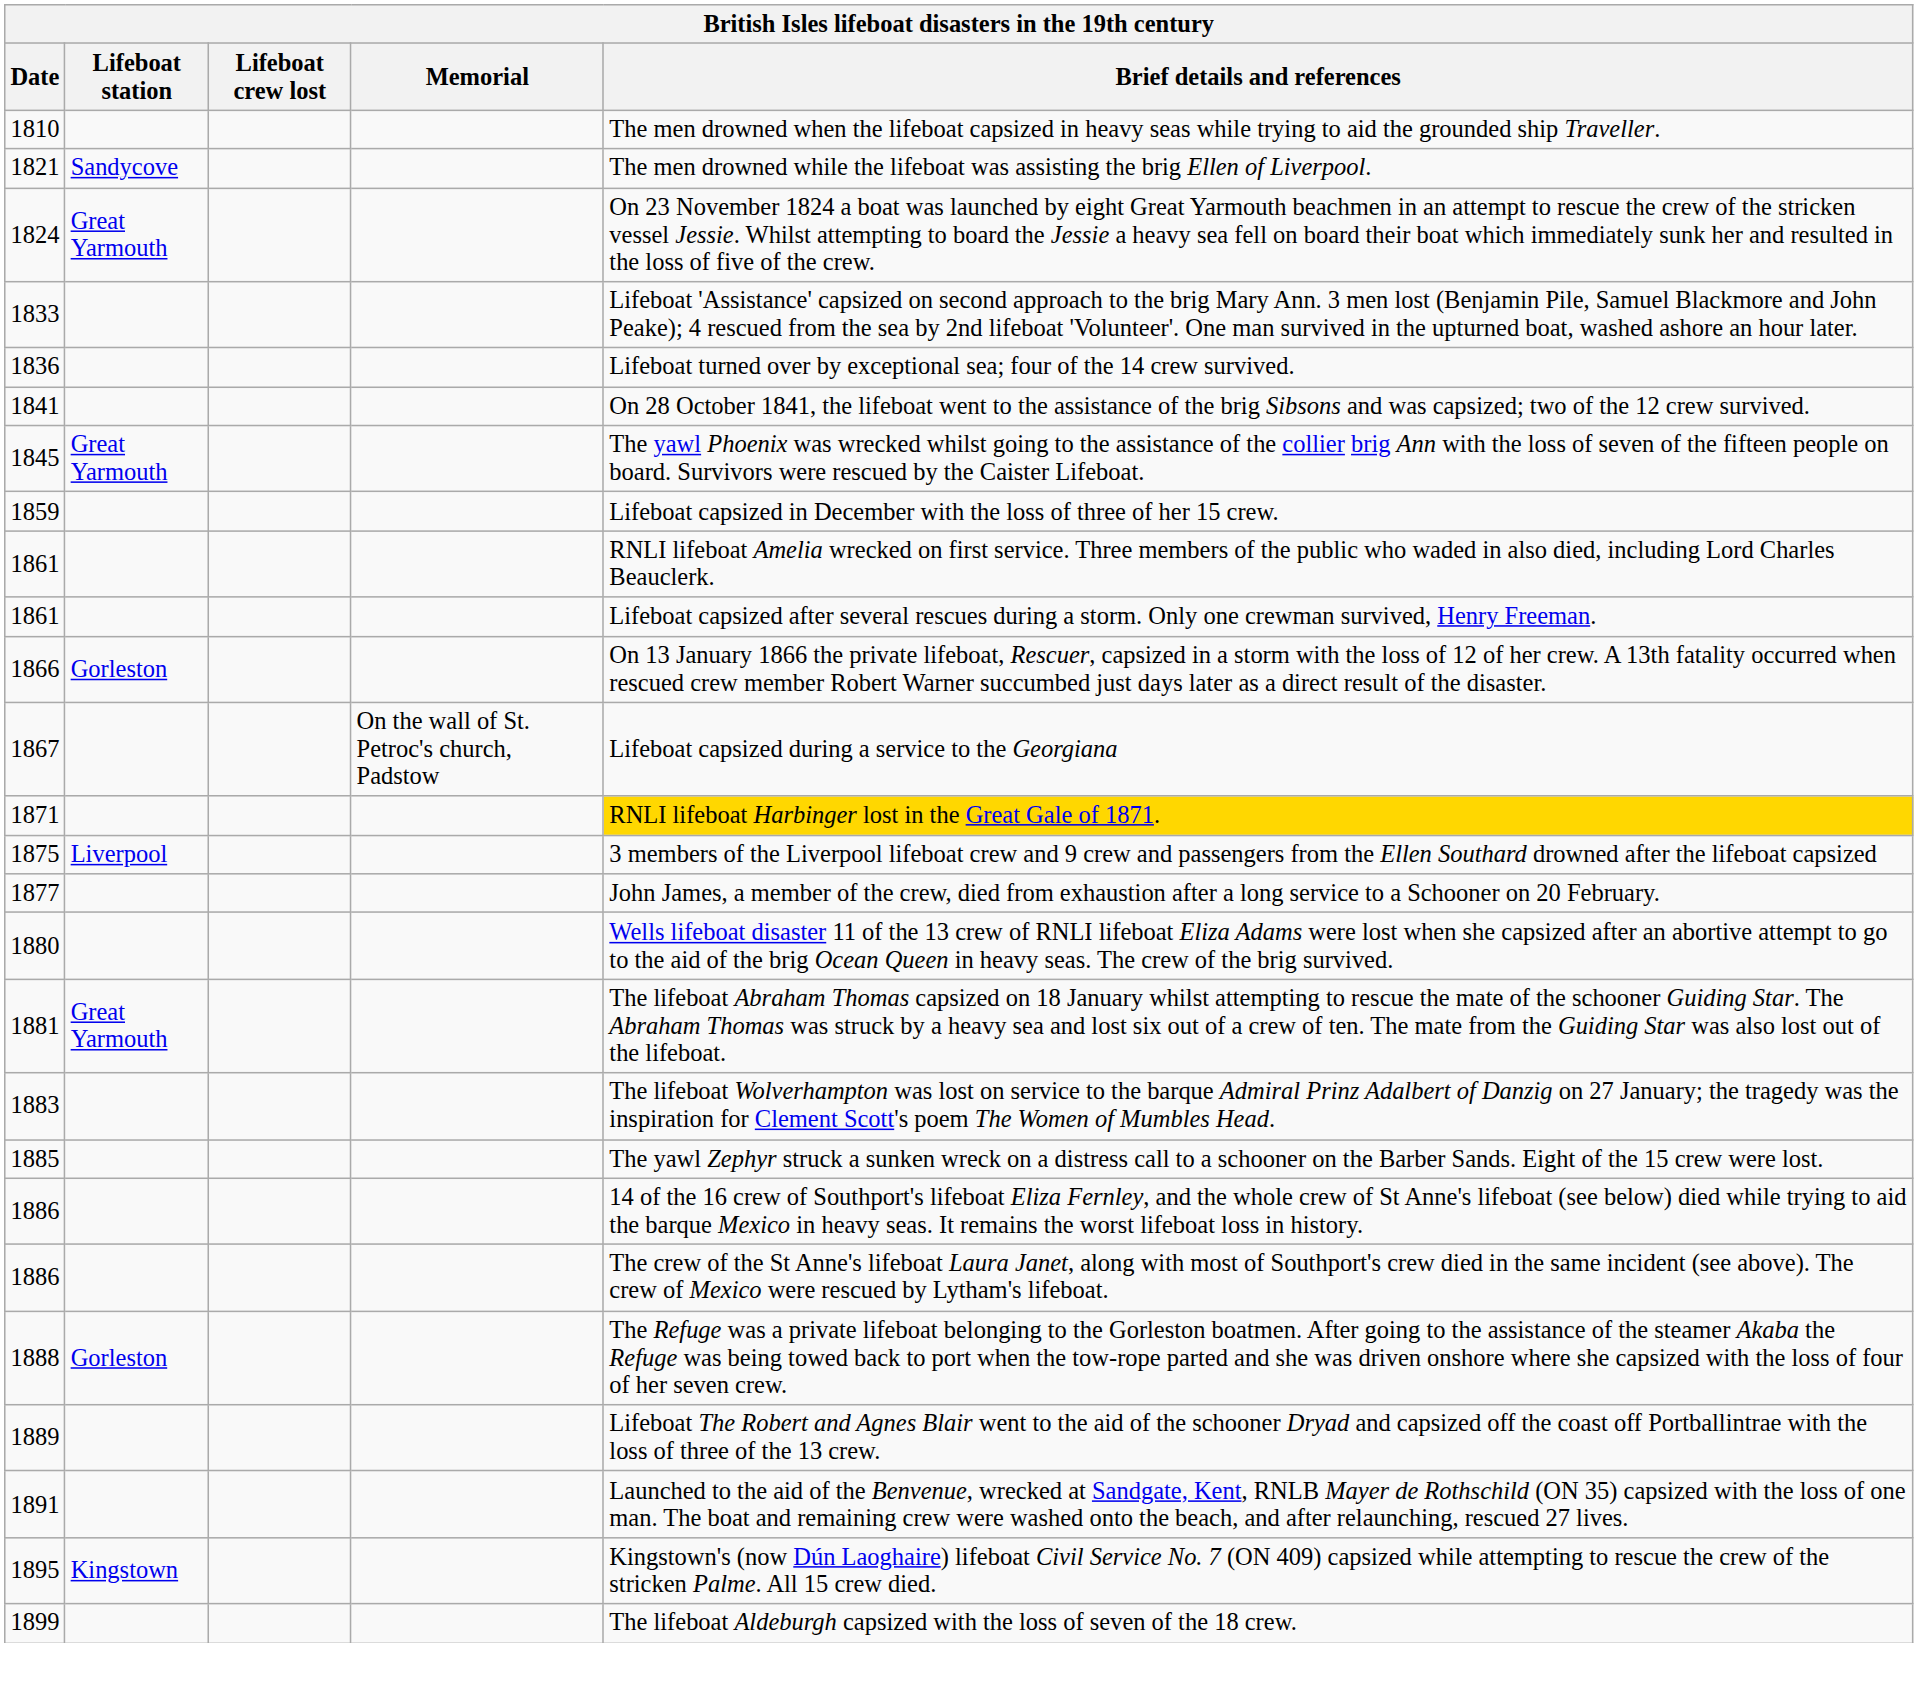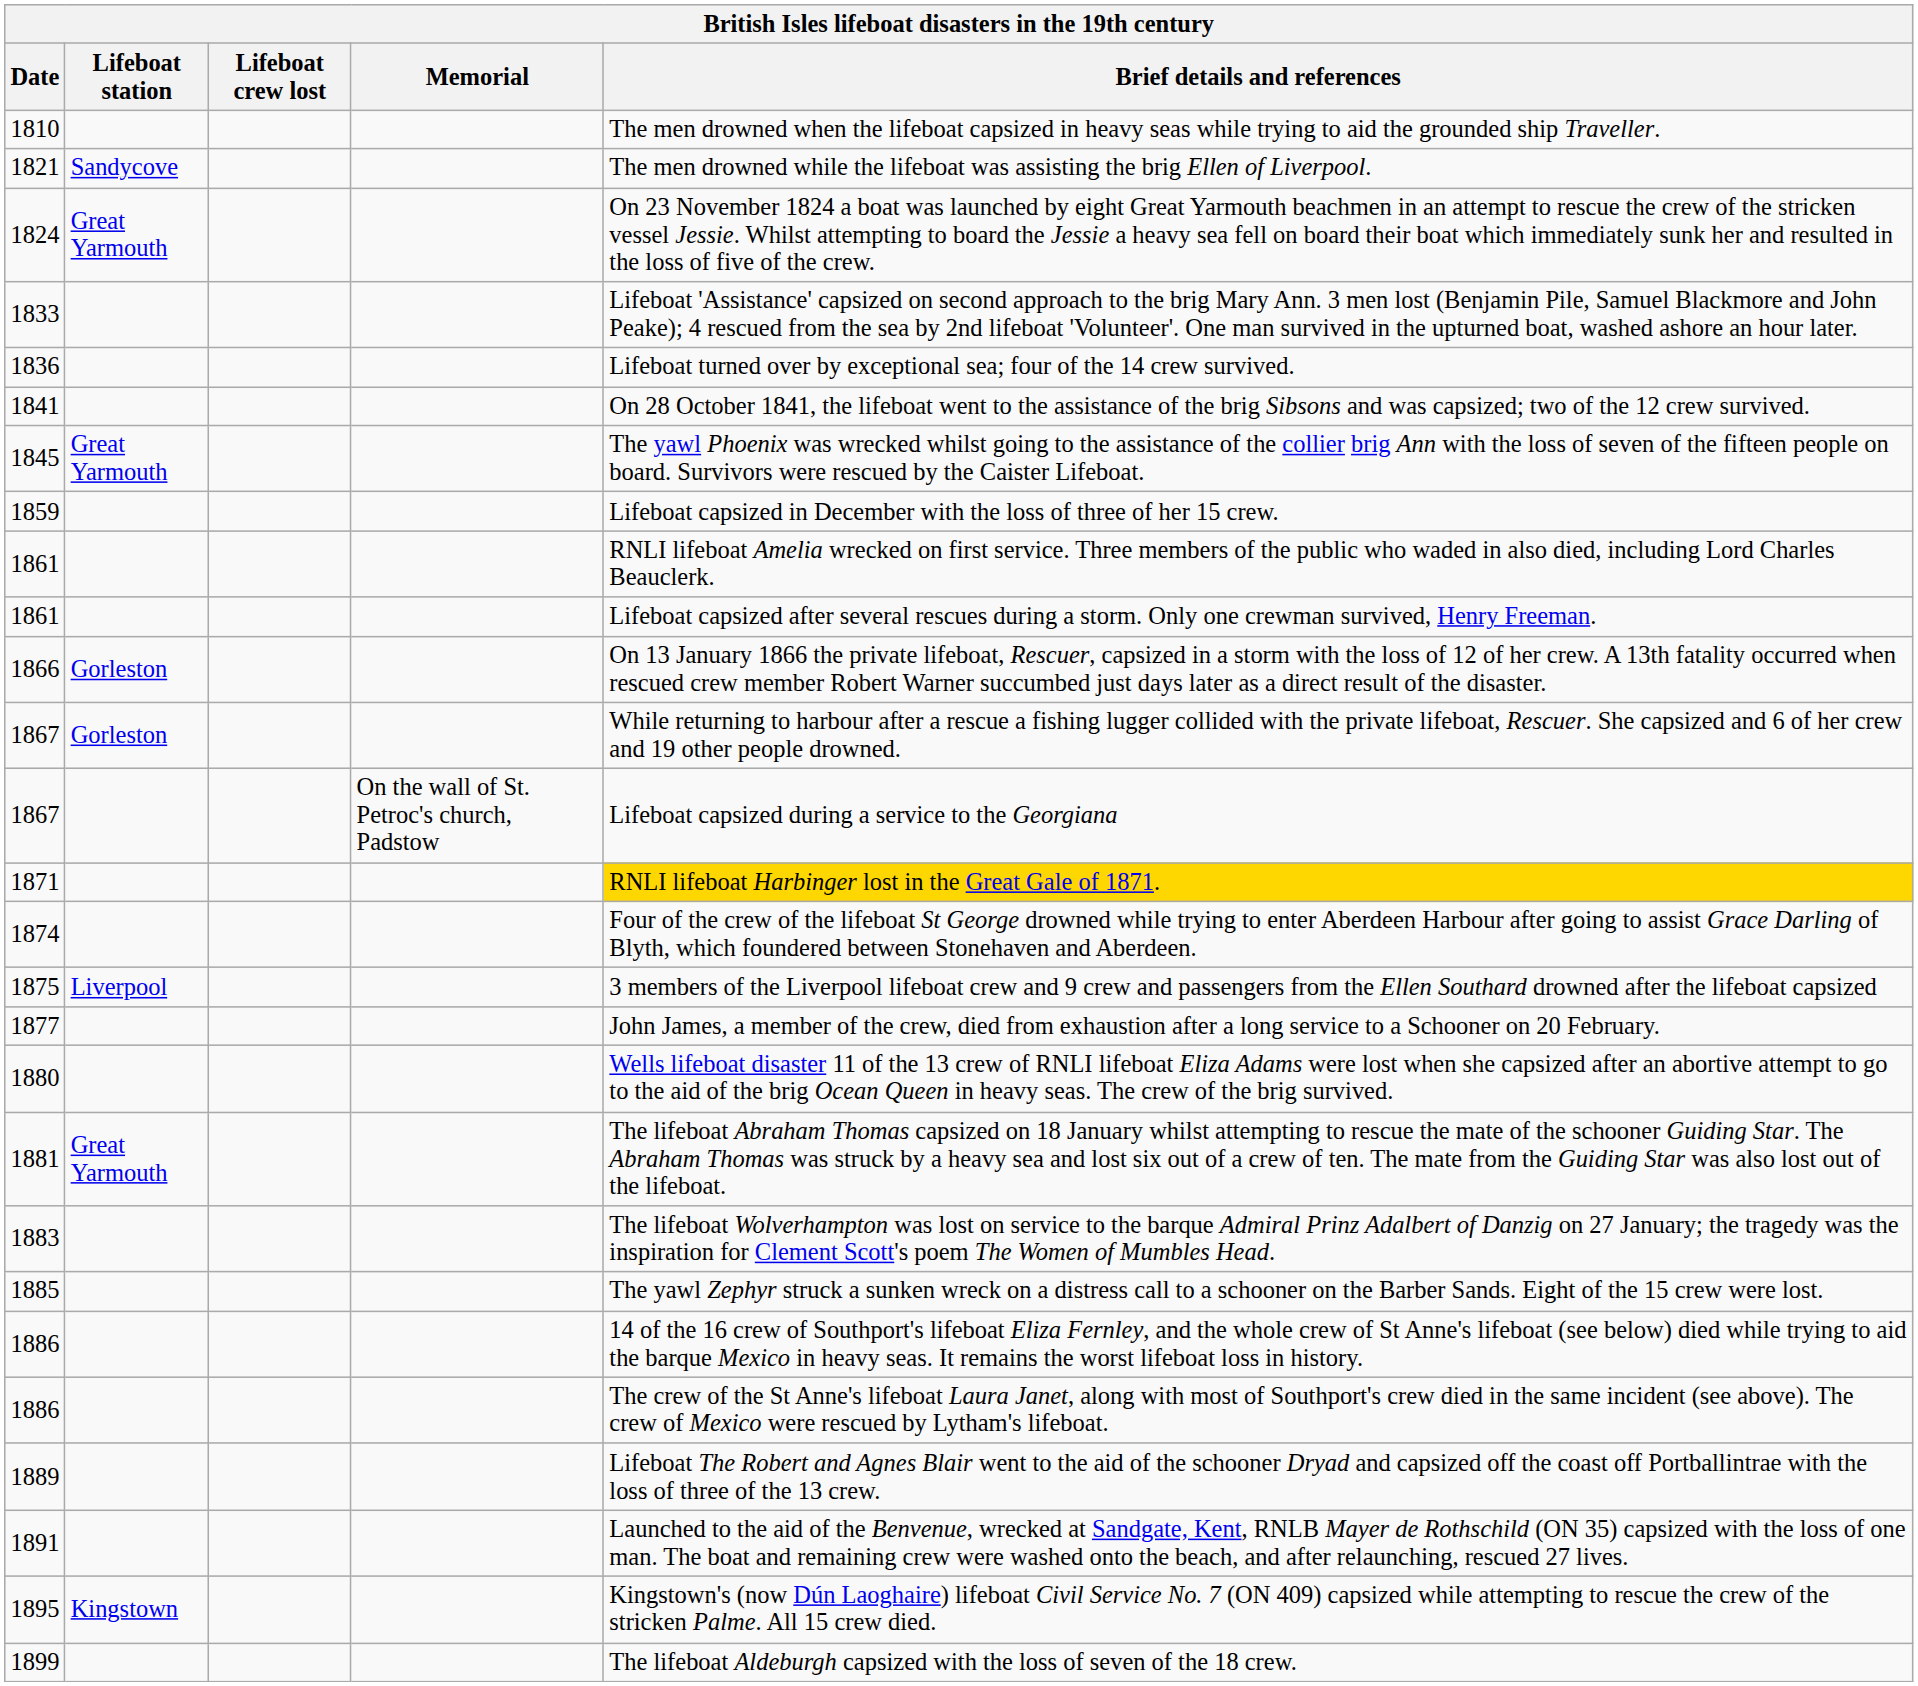 <table class="wikitable">
 <tr ---->
 <th colspan="5">British Isles lifeboat disasters in the 19th century</th>
 </tr>
 <tr ---->
 <th style="text-align: center; background:">Date</th>
 <th style="text-align: center; background:">Lifeboat station</th>
 <th style="text-align: center; background:">Lifeboat crew lost</th>
 <th style="text-align: center; background:">Memorial</th>
 <th style="text-align: center; background:">Brief details and references</th>
 </tr>
 <tr ---->
 <td>1810</td>
 <td></td>
 <td></td>
 <td></td>
 <td>The men drowned when the lifeboat capsized in heavy seas while trying to aid the grounded ship <em>Traveller</em>.</td>
 </tr>
 <tr ---->
 <td>1821</td>
 <td><a href='#'>Sandycove</a></td>
 <td></td>
 <td></td>
 <td>The men drowned while the lifeboat was assisting the brig <em>Ellen of Liverpool</em>.</td>
 </tr>
 <tr ---->
 <td>1824</td>
 <td><a href='#'>Great Yarmouth</a></td>
 <td></td>
 <td></td>
 <td>On 23 November 1824 a boat was launched by eight Great Yarmouth beachmen in an attempt to rescue the crew of the stricken vessel <em>Jessie</em>. Whilst attempting to board the <em>Jessie</em> a heavy sea fell on board their boat which immediately sunk her and resulted in the loss of five of the crew.</td>
 </tr>
 <tr ---->
 <td>1833</td>
 <td></td>
 <td></td>
 <td></td>
 <td>Lifeboat 'Assistance' capsized on second approach to the brig Mary Ann. 3 men lost (Benjamin Pile, Samuel Blackmore and John Peake); 4 rescued from the sea by 2nd lifeboat 'Volunteer'. One man survived in the upturned boat, washed ashore an hour later.</td>
 </tr>
 <tr ---->
 <td>1836</td>
 <td></td>
 <td></td>
 <td></td>
 <td>Lifeboat turned over by exceptional sea; four of the 14 crew survived.</td>
 </tr>
 <tr ---->
 <td>1841</td>
 <td></td>
 <td></td>
 <td></td>
 <td>On 28 October 1841, the lifeboat went to the assistance of the brig <em>Sibsons</em> and was capsized; two of the 12 crew survived.</td>
 </tr>
 <tr ---->
 <td>1845</td>
 <td><a href='#'>Great Yarmouth</a></td>
 <td></td>
 <td></td>
 <td>The <a href='#'>yawl</a> <em>Phoenix</em> was wrecked whilst going to the assistance of the <a href='#'>collier</a> <a href='#'>brig</a> <em>Ann</em> with the loss of seven of the fifteen people on board. Survivors were rescued by the Caister Lifeboat.</td>
 </tr>
 <tr ---->
 <td>1859</td>
 <td></td>
 <td></td>
 <td></td>
 <td>Lifeboat capsized in December with the loss of three of her 15 crew.</td>
 </tr>
 <tr ---->
 <td>1861</td>
 <td></td>
 <td></td>
 <td></td>
 <td>RNLI lifeboat <em>Amelia</em> wrecked on first service. Three members of the public who waded in also died, including Lord Charles Beauclerk.</td>
 </tr>
 <tr ---->
 <td>1861</td>
 <td></td>
 <td></td>
 <td></td>
 <td>Lifeboat capsized after several rescues during a storm. Only one crewman survived, <a href='#'>Henry Freeman</a>.</td>
 </tr>
 <tr ---->
 <td>1866</td>
 <td><a href='#'>Gorleston</a></td>
 <td></td>
 <td></td>
 <td>On 13 January 1866 the private lifeboat, <em>Rescuer</em>, capsized in a storm with the loss of 12 of her crew. A 13th fatality occurred when rescued crew member Robert Warner succumbed just days later as a direct result of the disaster.</td>
 </tr>
 <tr ---->
 <td>1867</td>
+<td><a href='#'>Gorleston</a></td>
+<td></td>
+<td></td>
+<td>While returning to harbour after a rescue a fishing lugger collided with the private lifeboat, <em>Rescuer</em>. She capsized and 6 of her crew and 19 other people drowned.</td>
+</tr>
+<tr ---->
+<td>1867</td>
 <td></td>
 <td></td>
 <td>On the wall of  St. Petroc's church, Padstow</td>
 <td>Lifeboat capsized during a service to the <em>Georgiana</em></td>
 </tr>
 <tr ---->
 <td>1871</td>
 <td></td>
 <td></td>
 <td></td>
 <td style="background: gold;">RNLI lifeboat <em>Harbinger</em> lost in the <a href='#'>Great Gale of 1871</a>.</td>
+</tr>
+<tr ---->
+<td>1874</td>
+<td></td>
+<td></td>
+<td></td>
+<td>Four of the crew of the lifeboat <em>St George</em> drowned while trying to enter Aberdeen Harbour after going to assist <em>Grace Darling</em> of Blyth, which foundered between Stonehaven and Aberdeen.</td>
 </tr>
 <tr ---->
 <td>1875</td>
 <td><a href='#'>Liverpool</a></td>
 <td></td>
 <td></td>
 <td>3 members of the Liverpool lifeboat crew and 9 crew and passengers from the <em>Ellen Southard</em> drowned after the lifeboat capsized</td>
 </tr>
 <tr ---->
 <td>1877</td>
 <td></td>
 <td></td>
 <td></td>
 <td>John James, a member of the crew, died from exhaustion after a long service to a Schooner on 20 February.</td>
 </tr>
 <tr ---->
 <td>1880</td>
 <td></td>
 <td></td>
 <td></td>
 <td><a href='#'>Wells lifeboat disaster</a> 11 of the 13 crew of RNLI lifeboat <em>Eliza Adams</em> were lost when she capsized after an abortive attempt to go to the aid of the brig <em>Ocean Queen</em> in heavy seas. The crew of the brig survived.</td>
 </tr>
 <tr ---->
 <td>1881</td>
 <td><a href='#'>Great Yarmouth</a></td>
 <td></td>
 <td></td>
 <td>The lifeboat <em>Abraham Thomas</em> capsized on 18 January whilst attempting to rescue the mate of the schooner <em>Guiding Star</em>. The <em>Abraham Thomas</em> was struck by a heavy sea and lost six out of a crew of ten. The mate from the <em>Guiding Star</em> was also lost out of the lifeboat.</td>
 </tr>
 <tr ---->
 <td>1883</td>
 <td></td>
 <td></td>
 <td></td>
 <td>The lifeboat <em>Wolverhampton</em> was lost on service to the barque <em>Admiral Prinz Adalbert of Danzig</em> on 27 January; the tragedy was the inspiration for <a href='#'>Clement Scott</a>'s poem <em>The Women of Mumbles Head</em>.</td>
 </tr>
 <tr ---->
 <td>1885</td>
 <td></td>
 <td></td>
 <td></td>
 <td>The yawl <em>Zephyr</em> struck a sunken wreck on a distress call to a schooner on the Barber Sands. Eight of the 15 crew were lost.</td>
 </tr>
 <tr ---->
 <td>1886</td>
 <td></td>
 <td></td>
 <td></td>
 <td>14 of the 16 crew of Southport's lifeboat <em>Eliza Fernley</em>, and the whole crew of St Anne's lifeboat (see below) died while trying to aid the barque <em>Mexico</em> in heavy seas. It remains the worst lifeboat loss in history.<br></td>
 </tr>
 <tr ---->
 <td>1886</td>
 <td></td>
 <td></td>
 <td></td>
 <td>The crew of the St Anne's lifeboat <em>Laura Janet</em>, along with most of Southport's crew died in the same incident (see above). The crew of <em>Mexico</em> were rescued by Lytham's lifeboat.<br></td>
 </tr>
 <tr ---->
-<td>1888</td>
-<td><a href='#'>Gorleston</a></td>
-<td></td>
-<td></td>
-<td>The <em>Refuge</em> was a private lifeboat belonging to the Gorleston boatmen. After going to the assistance of the steamer <em>Akaba</em> the <em>Refuge</em> was being towed back to port when the tow-rope parted and she was driven onshore where she capsized with the loss of four of her seven crew.</td>
-</tr>
-<tr ---->
 <td>1889</td>
 <td></td>
 <td></td>
 <td></td>
 <td>Lifeboat <em>The Robert and Agnes Blair</em> went to the aid of the schooner <em>Dryad</em> and capsized off the coast off Portballintrae with the loss of three of the 13 crew.</td>
 </tr>
 <tr ---->
 <td>1891</td>
 <td></td>
 <td></td>
 <td></td>
 <td>Launched to the aid of the <em>Benvenue</em>, wrecked at <a href='#'>Sandgate, Kent</a>, RNLB <em>Mayer de Rothschild</em> (ON 35) capsized with the loss of one man. The boat and remaining crew were washed onto the beach, and after relaunching, rescued 27 lives.</td>
 </tr>
 <tr ---->
 <td>1895</td>
 <td><a href='#'>Kingstown</a></td>
 <td></td>
 <td></td>
 <td>Kingstown's (now <a href='#'>Dún Laoghaire</a>) lifeboat <em>Civil Service No. 7</em> (ON 409) capsized while attempting to rescue the crew of the stricken <em>Palme</em>.  All 15 crew died.<br></td>
 </tr>
 <tr ---->
 <td>1899</td>
 <td></td>
 <td></td>
 <td></td>
 <td>The lifeboat <em>Aldeburgh</em> capsized with the loss of seven of the 18 crew.</td>
 </tr>
 </table>
